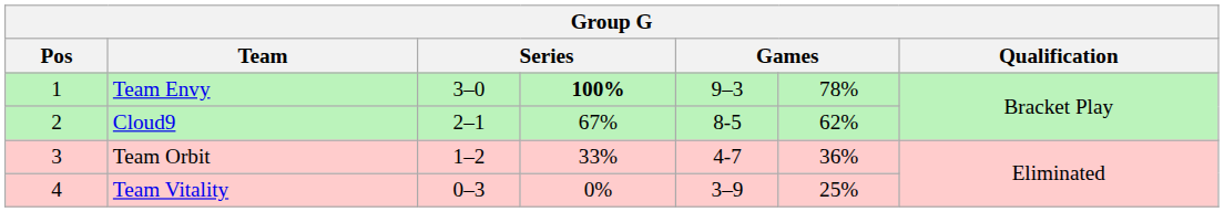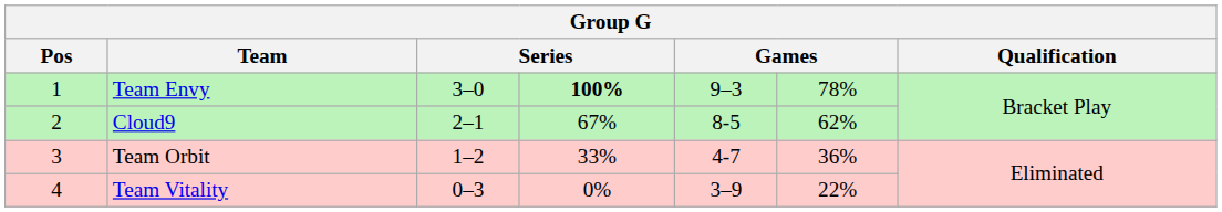 <table class="wikitable" style="display: inline-table;width: 46%;">
 <tr>
 <th colspan="7">Group G</th>
 </tr>
 <tr>
 <th>Pos</th>
 <th>Team</th>
 <th colspan="2">Series</th>
 <th colspan="2">Games</th>
 <th>Qualification</th>
 </tr>
 <tr>
 <td style="text-align:center; background:#BBF3BB;">1</td>
 <td style="text-align:left; background:#BBF3BB;"><a href='#'>Team Envy</a></td>
 <td style="text-align:center; background:#BBF3BB;">3–0</td>
 <td style="text-align:center; background:#BBF3BB;"><strong>100%</strong></td>
 <td style="text-align:center; background:#BBF3BB;">9–3</td>
 <td style="text-align:center; background:#BBF3BB;">78%</td>
 <td style="text-align:center; background:#BBF3BB;" rowspan="2">Bracket Play</td>
 </tr>
 <tr>
 <td style="text-align:center; background:#BBF3BB;">2</td>
 <td style="text-align:left; background:#BBF3BB;"><a href='#'>Cloud9</a></td>
 <td style="text-align:center; background:#BBF3BB;">2–1</td>
 <td style="text-align:center; background:#BBF3BB;">67%</td>
 <td style="text-align:center; background:#BBF3BB;">8-5</td>
 <td style="text-align:center; background:#BBF3BB;">62%</td>
 </tr>
 <tr>
 <td style="text-align:center; background:#FFCCCC;">3</td>
 <td style="text-align:left; background:#FFCCCC;">Team Orbit</td>
 <td style="text-align:center; background:#FFCCCC;">1–2</td>
 <td style="text-align:center; background:#FFCCCC;">33%</td>
 <td style="text-align:center; background:#FFCCCC;">4-7</td>
 <td style="text-align:center; background:#FFCCCC;">36%</td>
 <td style="text-align:center; background:#FFCCCC;" rowspan="2">Eliminated</td>
 </tr>
 <tr>
 <td style="text-align:center; background:#FFCCCC;">4</td>
 <td style="text-align:left; background:#FFCCCC;"><a href='#'>Team Vitality</a></td>
 <td style="text-align:center; background:#FFCCCC;">0–3</td>
 <td style="text-align:center; background:#FFCCCC;">0%</td>
 <td style="text-align:center; background:#FFCCCC;">3–9</td>
-<td style="text-align:center; background:#FFCCCC;">25%</td>
+<td style="text-align:center; background:#FFCCCC;">22%</td>
 </tr>
 </table>
